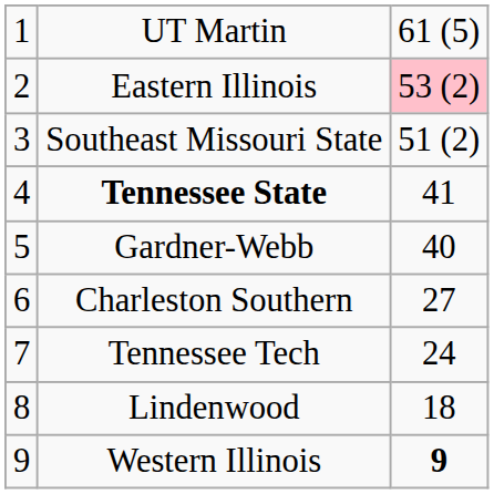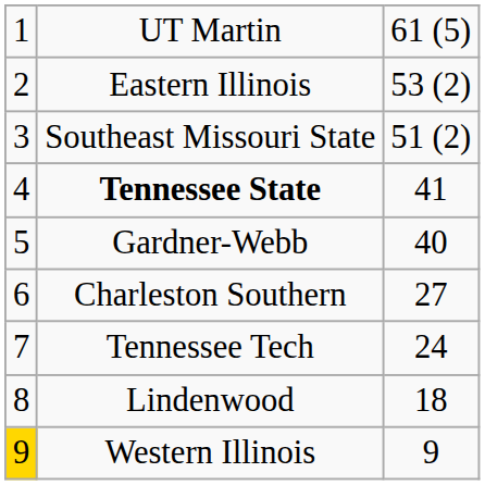 <table class="wikitable">
 <tr align="center">
 <td>1</td>
 <td>UT Martin</td>
 <td>61 (5)</td>
 </tr>
 <tr align="center">
 <td>2</td>
 <td>Eastern Illinois</td>
-<td style="background: pink;">53 (2)</td>
+<td>53 (2)</td>
 </tr>
 <tr align="center">
 <td>3</td>
 <td>Southeast Missouri State</td>
 <td>51 (2)</td>
 </tr>
 <tr align="center">
 <td>4</td>
 <td><strong>Tennessee State</strong></td>
 <td>41</td>
 </tr>
 <tr align="center">
 <td>5</td>
 <td>Gardner-Webb</td>
 <td>40</td>
 </tr>
 <tr align="center">
 <td>6</td>
 <td>Charleston Southern</td>
 <td>27</td>
 </tr>
 <tr align="center">
 <td>7</td>
 <td>Tennessee Tech</td>
 <td>24</td>
 </tr>
 <tr align="center">
 <td>8</td>
 <td>Lindenwood</td>
 <td>18</td>
 </tr>
 <tr align="center">
+<td style="background: gold;">9</td>
+<td>Western Illinois</td>
 <td>9</td>
-<td>Western Illinois</td>
-<td><strong>9</strong></td>
 </tr>
 </table>
